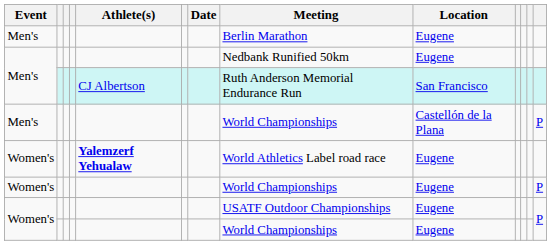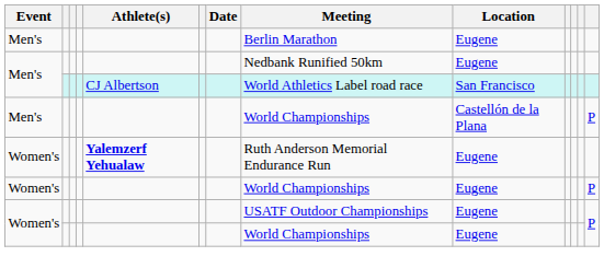 <table class="wikitable sortable plainrowheaders" style="font-size:90%;">
 <tr>
 <th>Event</th>
 <th></th>
 <th></th>
 <th></th>
 <th>Athlete(s)</th>
 <th></th>
 <th>Date</th>
 <th>Meeting</th>
 <th>Location</th>
 <th></th>
 <th></th>
 <th></th>
 <th></th>
 </tr>
 <tr>
 <td>Men's </td>
 <td data-sort-value="1Secs07269.00"></td>
 <td></td>
 <td></td>
 <td></td>
 <td></td>
 <td></td>
 <td><a href='#'>Berlin Marathon</a></td>
 <td><a href='#'>Eugene</a></td>
 <td></td>
 <td></td>
 <td></td>
 <td></td>
 </tr>
 <tr>
 <td rowspan="2">Men's </td>
 <td data-sort-value="1Secs09813.00"></td>
 <td></td>
 <td></td>
 <td></td>
 <td></td>
 <td></td>
 <td>Nedbank Runified 50km</td>
 <td><a href='#'>Eugene</a></td>
 <td></td>
 <td></td>
 <td></td>
 <td></td>
 </tr>
 <tr bgcolor="#CEF6F5">
 <td data-sort-value="1Secs09523.00"></td>
 <td></td>
 <td></td>
 <td><a href='#'>CJ Albertson</a></td>
 <td></td>
 <td></td>
-<td>Ruth Anderson Memorial Endurance Run</td>
+<td><a href='#'>World Athletics</a> Label road race</td>
 <td><a href='#'>San Francisco</a></td>
 <td></td>
 <td></td>
 <td></td>
 <td></td>
 </tr>
 <tr>
 <td>Men's </td>
 <td data-sort-value="2Mtrs000006.21"></td>
 <td></td>
 <td></td>
 <td></td>
 <td></td>
 <td></td>
 <td><a href='#'>World Championships</a></td>
 <td><a href='#'>Castellón de la Plana</a></td>
 <td></td>
 <td></td>
 <td></td>
 <td><a href='#'>P</a></td>
 </tr>
 <tr>
 <td>Women's </td>
 <td data-sort-value="1Secs01754.00"></td>
 <td></td>
 <td></td>
 <td><strong><a href='#'>Yalemzerf Yehualaw</a></strong></td>
 <td></td>
 <td></td>
-<td><a href='#'>World Athletics</a> Label road race</td>
+<td>Ruth Anderson Memorial Endurance Run</td>
 <td><a href='#'>Eugene</a></td>
 <td></td>
 <td></td>
 <td></td>
 <td></td>
 </tr>
 <tr>
 <td>Women's </td>
 <td data-sort-value="1Secs00012.12"></td>
 <td></td>
 <td></td>
 <td></td>
 <td></td>
 <td></td>
 <td><a href='#'>World Championships</a></td>
 <td><a href='#'>Eugene</a></td>
 <td></td>
 <td></td>
 <td></td>
 <td><a href='#'>P</a></td>
 </tr>
 <tr>
 <td rowspan="2">Women's </td>
 <td data-sort-value="1Secs00051.41"></td>
 <td></td>
 <td></td>
 <td></td>
 <td></td>
 <td></td>
 <td><a href='#'>USATF Outdoor Championships</a></td>
 <td><a href='#'>Eugene</a></td>
 <td></td>
 <td></td>
 <td></td>
 <td rowspan=2><a href='#'>P</a></td>
 </tr>
 <tr>
 <td data-sort-value="1Secs00050.68"></td>
 <td></td>
 <td></td>
 <td></td>
 <td></td>
 <td></td>
 <td><a href='#'>World Championships</a></td>
 <td><a href='#'>Eugene</a></td>
 <td></td>
 <td></td>
 <td></td>
 </tr>
 </table>
